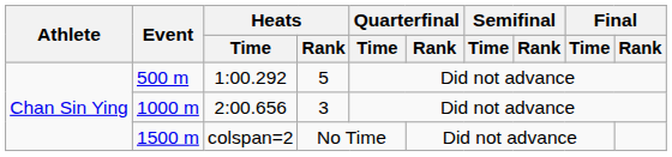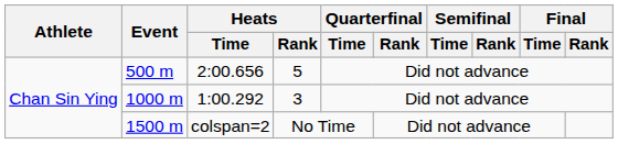 <table class="wikitable" style="font-size:90%">
 <tr>
 <th rowspan=2>Athlete</th>
 <th rowspan=2>Event</th>
 <th colspan=2>Heats</th>
 <th colspan=2>Quarterfinal</th>
 <th colspan=2>Semifinal</th>
 <th colspan=2>Final</th>
 </tr>
 <tr style="font-size:95%">
 <th>Time</th>
 <th>Rank</th>
 <th>Time</th>
 <th>Rank</th>
 <th>Time</th>
 <th>Rank</th>
 <th>Time</th>
 <th>Rank</th>
 </tr>
 <tr align=center>
 <td align=left rowspan=3><a href='#'>Chan Sin Ying</a></td>
 <td align=left><a href='#'>500 m</a></td>
-<td>1:00.292</td>
+<td>2:00.656</td>
 <td>5</td>
 <td colspan=6>Did not advance</td>
 </tr>
 <tr align=center>
 <td align=left><a href='#'>1000 m</a></td>
-<td>2:00.656</td>
+<td>1:00.292</td>
 <td>3</td>
 <td colspan=6>Did not advance</td>
 </tr>
 <tr align=center>
 <td align=left><a href='#'>1500 m</a></td>
 <td>colspan=2</td>
 <td colspan=2>No Time</td>
 <td colspan=4>Did not advance</td>
 </tr>
 </table>
